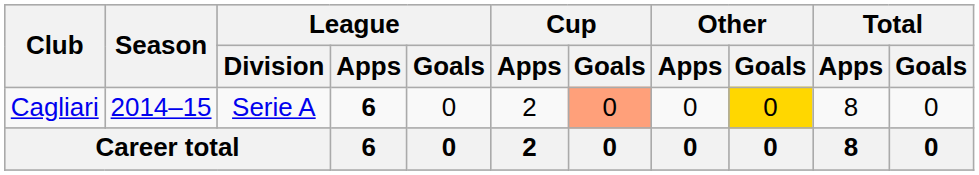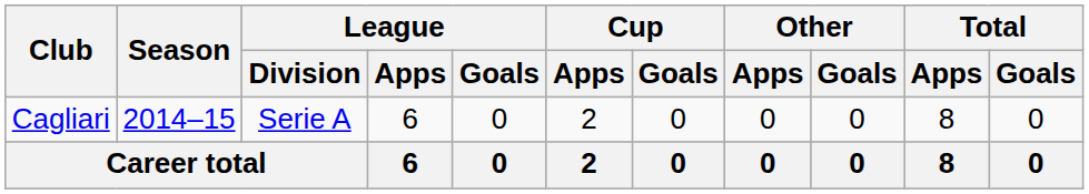 <table class="wikitable" style="text-align: center;">
 <tr>
 <th rowspan="2">Club</th>
 <th rowspan="2">Season</th>
 <th colspan="3">League</th>
 <th colspan="2">Cup</th>
 <th colspan="2">Other</th>
 <th colspan="2">Total</th>
 </tr>
 <tr>
 <th>Division</th>
 <th>Apps</th>
 <th>Goals</th>
 <th>Apps</th>
 <th>Goals</th>
 <th>Apps</th>
 <th>Goals</th>
 <th>Apps</th>
 <th>Goals</th>
 </tr>
 <tr>
 <td rowspan="1"><a href='#'>Cagliari</a></td>
 <td><a href='#'>2014–15</a></td>
 <td><a href='#'>Serie A</a></td>
-<td><strong>6</strong></td>
+<td>6</td>
 <td>0</td>
 <td>2</td>
-<td style="background: lightsalmon;">0</td>
 <td>0</td>
-<td style="background: gold;">0</td>
+<td>0</td>
+<td>0</td>
 <td>8</td>
 <td>0</td>
 </tr>
 <tr>
 <th colspan="3">Career total</th>
 <th>6</th>
 <th>0</th>
 <th>2</th>
 <th>0</th>
 <th>0</th>
 <th>0</th>
 <th>8</th>
 <th>0</th>
 </tr>
 </table>
